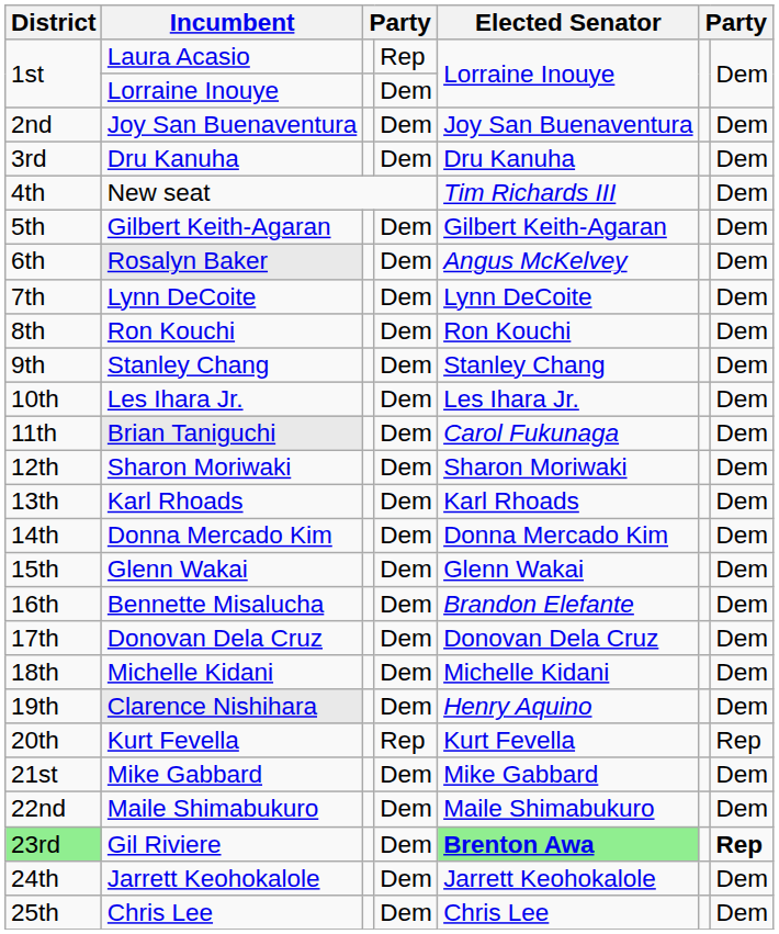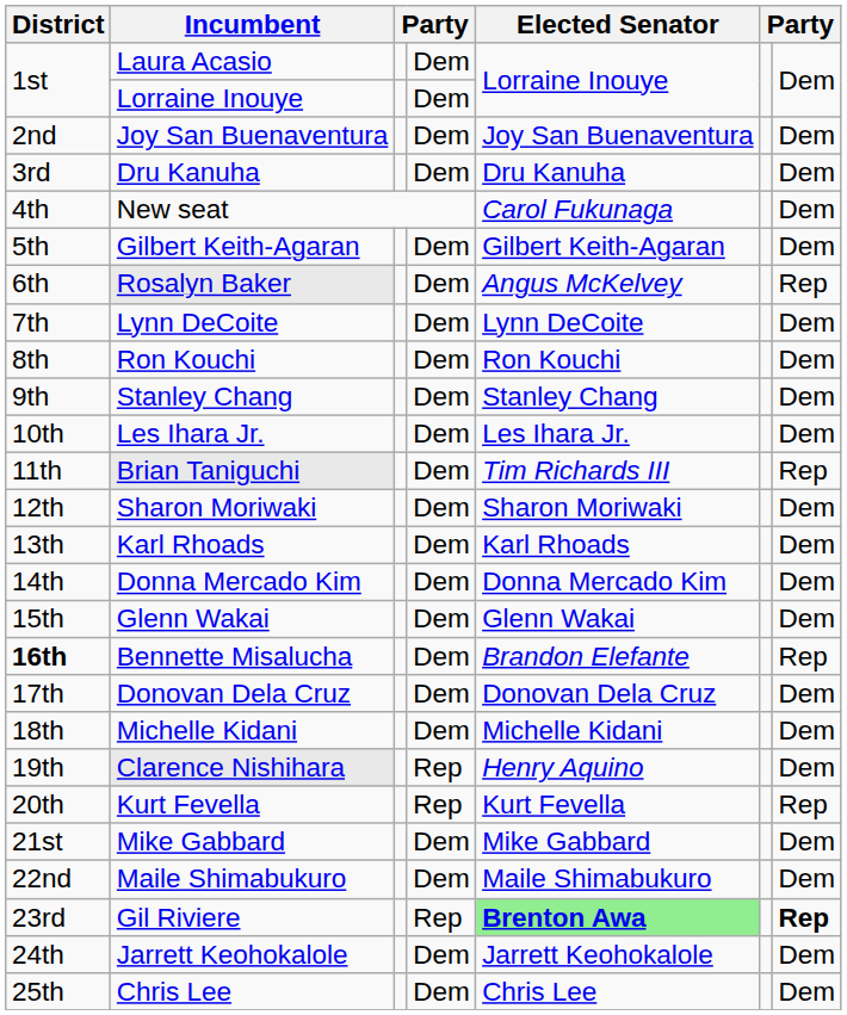 <table class="sortable wikitable" style="font-size:95%;line-height:14px;">
 <tr>
 <th class="unsortable">District</th>
 <th class="unsortable"><a href='#'>Incumbent</a></th>
 <th colspan="2">Party</th>
 <th class="unsortable">Elected Senator</th>
 <th colspan="2">Party</th>
 </tr>
 <tr>
 <td rowspan=2>1st</td>
 <td><a href='#'>Laura Acasio</a></td>
 <td style="background:"></td>
-<td>Rep</td>
+<td>Dem</td>
 <td rowspan=2><a href='#'>Lorraine Inouye</a></td>
 <td rowspan=2 style="background:"></td>
 <td rowspan=2>Dem</td>
 </tr>
 <tr>
 <td><a href='#'>Lorraine Inouye</a></td>
 <td style="background:"></td>
 <td>Dem</td>
 </tr>
 <tr>
 <td>2nd</td>
 <td><a href='#'>Joy San Buenaventura</a></td>
 <td style="background:"></td>
 <td>Dem</td>
 <td><a href='#'>Joy San Buenaventura</a></td>
 <td style="background:"></td>
 <td>Dem</td>
 </tr>
 <tr>
 <td>3rd</td>
 <td><a href='#'>Dru Kanuha</a></td>
 <td style="background:"></td>
 <td>Dem</td>
 <td><a href='#'>Dru Kanuha</a></td>
 <td style="background:"></td>
 <td>Dem</td>
 </tr>
 <tr>
 <td>4th</td>
 <td colspan=3>New seat</td>
-<td><em><a href='#'>Tim Richards III</a></em></td>
+<td><em><a href='#'>Carol Fukunaga</a></em></td>
 <td style="background:"></td>
 <td>Dem</td>
 </tr>
 <tr>
 <td>5th</td>
 <td><a href='#'>Gilbert Keith-Agaran</a></td>
 <td style="background:"></td>
 <td>Dem</td>
 <td><a href='#'>Gilbert Keith-Agaran</a></td>
 <td style="background:"></td>
 <td>Dem</td>
 </tr>
 <tr>
 <td>6th</td>
 <td style="background:#E9E9E9;"><a href='#'>Rosalyn Baker</a></td>
 <td style="background:"></td>
 <td>Dem</td>
 <td><em><a href='#'>Angus McKelvey</a></em></td>
 <td style="background:"></td>
-<td>Dem</td>
+<td>Rep</td>
 </tr>
 <tr>
 <td>7th</td>
 <td><a href='#'>Lynn DeCoite</a></td>
 <td style="background:"></td>
 <td>Dem</td>
 <td><a href='#'>Lynn DeCoite</a></td>
 <td style="background:"></td>
 <td>Dem</td>
 </tr>
 <tr>
 <td>8th</td>
 <td><a href='#'>Ron Kouchi</a></td>
 <td style="background:"></td>
 <td>Dem</td>
 <td><a href='#'>Ron Kouchi</a></td>
 <td style="background:"></td>
 <td>Dem</td>
 </tr>
 <tr>
 <td>9th</td>
 <td><a href='#'>Stanley Chang</a></td>
 <td style="background:"></td>
 <td>Dem</td>
 <td><a href='#'>Stanley Chang</a></td>
 <td style="background:"></td>
 <td>Dem</td>
 </tr>
 <tr>
 <td>10th</td>
 <td><a href='#'>Les Ihara Jr.</a></td>
 <td style="background:"></td>
 <td>Dem</td>
 <td><a href='#'>Les Ihara Jr.</a></td>
 <td style="background:"></td>
 <td>Dem</td>
 </tr>
 <tr>
 <td>11th</td>
 <td style="background:#E9E9E9;"><a href='#'>Brian Taniguchi</a></td>
 <td style="background:"></td>
 <td>Dem</td>
-<td><em><a href='#'>Carol Fukunaga</a></em></td>
+<td><em><a href='#'>Tim Richards III</a></em></td>
 <td style="background:"></td>
-<td>Dem</td>
+<td>Rep</td>
 </tr>
 <tr>
 <td>12th</td>
 <td><a href='#'>Sharon Moriwaki</a></td>
 <td style="background:"></td>
 <td>Dem</td>
 <td><a href='#'>Sharon Moriwaki</a></td>
 <td style="background:"></td>
 <td>Dem</td>
 </tr>
 <tr>
 <td>13th</td>
 <td><a href='#'>Karl Rhoads</a></td>
 <td style="background:"></td>
 <td>Dem</td>
 <td><a href='#'>Karl Rhoads</a></td>
 <td style="background:"></td>
 <td>Dem</td>
 </tr>
 <tr>
 <td>14th</td>
 <td><a href='#'>Donna Mercado Kim</a></td>
 <td style="background:"></td>
 <td>Dem</td>
 <td><a href='#'>Donna Mercado Kim</a></td>
 <td style="background:"></td>
 <td>Dem</td>
 </tr>
 <tr>
 <td>15th</td>
 <td><a href='#'>Glenn Wakai</a></td>
 <td style="background:"></td>
 <td>Dem</td>
 <td><a href='#'>Glenn Wakai</a></td>
 <td style="background:"></td>
 <td>Dem</td>
 </tr>
 <tr>
-<td>16th</td>
+<td><strong>16th</strong></td>
 <td><a href='#'>Bennette Misalucha</a></td>
 <td style="background:"></td>
 <td>Dem</td>
 <td><em><a href='#'>Brandon Elefante</a></em></td>
 <td style="background:"></td>
-<td>Dem</td>
+<td>Rep</td>
 </tr>
 <tr>
 <td>17th</td>
 <td><a href='#'>Donovan Dela Cruz</a></td>
 <td style="background:"></td>
 <td>Dem</td>
 <td><a href='#'>Donovan Dela Cruz</a></td>
 <td style="background:"></td>
 <td>Dem</td>
 </tr>
 <tr>
 <td>18th</td>
 <td><a href='#'>Michelle Kidani</a></td>
 <td style="background:"></td>
 <td>Dem</td>
 <td><a href='#'>Michelle Kidani</a></td>
 <td style="background:"></td>
 <td>Dem</td>
 </tr>
 <tr>
 <td>19th</td>
 <td style="background:#E9E9E9;"><a href='#'>Clarence Nishihara</a></td>
 <td style="background:"></td>
-<td>Dem</td>
+<td>Rep</td>
 <td><em><a href='#'>Henry Aquino</a></em></td>
 <td style="background:"></td>
 <td>Dem</td>
 </tr>
 <tr>
 <td>20th</td>
 <td><a href='#'>Kurt Fevella</a></td>
 <td style="background:"></td>
 <td>Rep</td>
 <td><a href='#'>Kurt Fevella</a></td>
 <td style="background:"></td>
 <td>Rep</td>
 </tr>
 <tr>
 <td>21st</td>
 <td><a href='#'>Mike Gabbard</a></td>
 <td style="background:"></td>
 <td>Dem</td>
 <td><a href='#'>Mike Gabbard</a></td>
 <td style="background:"></td>
 <td>Dem</td>
 </tr>
 <tr>
 <td>22nd</td>
 <td><a href='#'>Maile Shimabukuro</a></td>
 <td style="background:"></td>
 <td>Dem</td>
 <td><a href='#'>Maile Shimabukuro</a></td>
 <td style="background:"></td>
 <td>Dem</td>
 </tr>
 <tr>
-<td style="background: lightgreen;">23rd</td>
+<td>23rd</td>
 <td><a href='#'>Gil Riviere</a></td>
 <td style="background:"></td>
-<td>Dem</td>
+<td>Rep</td>
 <td style="background: lightgreen;"><strong><a href='#'>Brenton Awa</a></strong></td>
 <td style="background:"></td>
 <td><strong>Rep</strong></td>
 </tr>
 <tr>
 <td>24th</td>
 <td><a href='#'>Jarrett Keohokalole</a></td>
 <td style="background:"></td>
 <td>Dem</td>
 <td><a href='#'>Jarrett Keohokalole</a></td>
 <td style="background:"></td>
 <td>Dem</td>
 </tr>
 <tr>
 <td>25th</td>
 <td><a href='#'>Chris Lee</a></td>
 <td style="background:"></td>
 <td>Dem</td>
 <td><a href='#'>Chris Lee</a></td>
 <td style="background:"></td>
 <td>Dem</td>
 </tr>
 </table>
